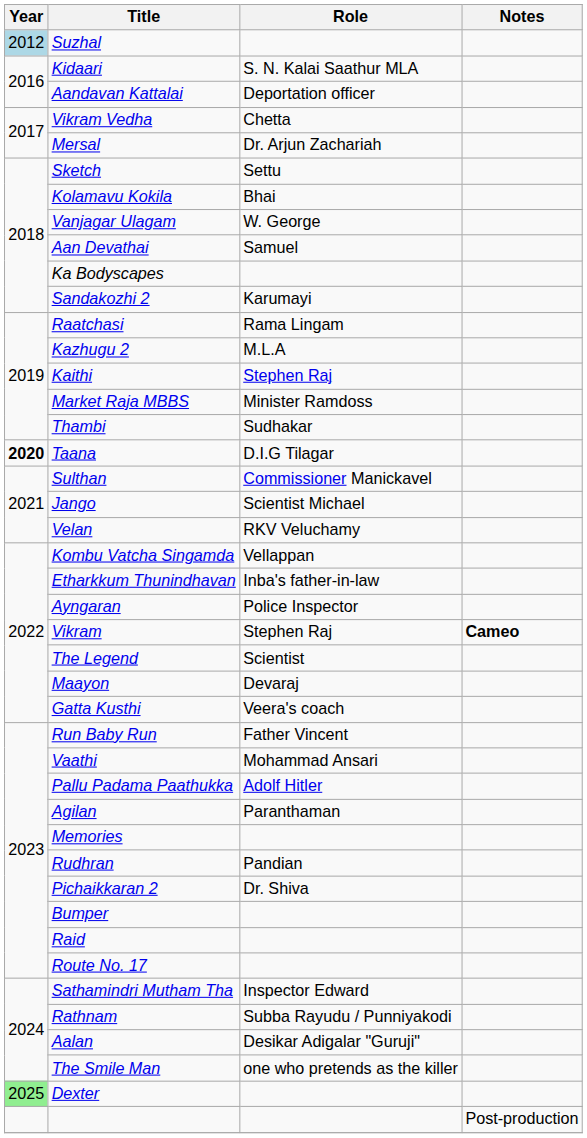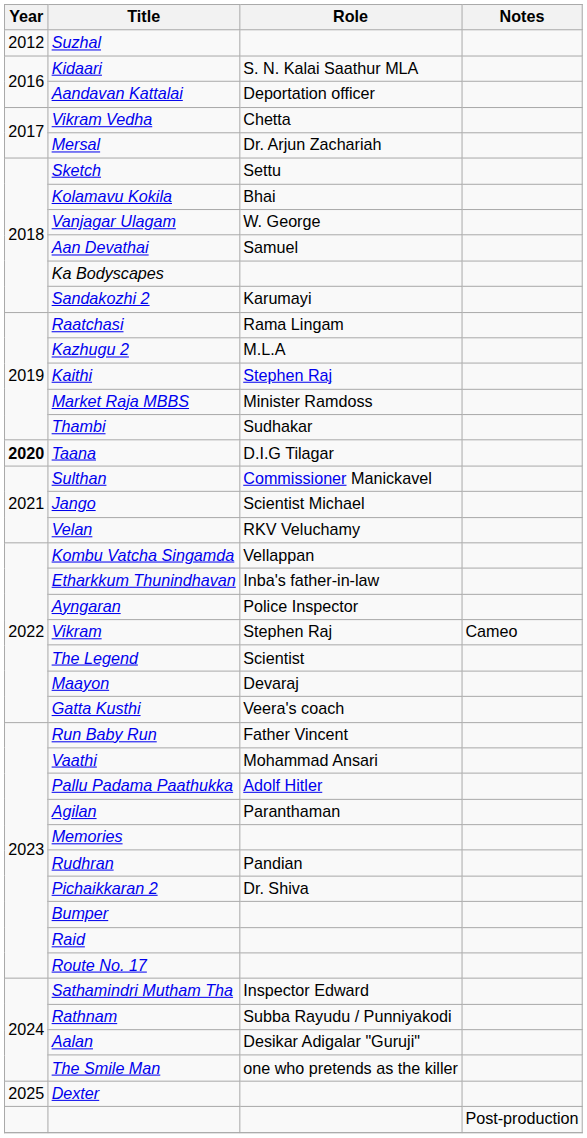 <table class="wikitable sortable">
 <tr>
 <th scope="col">Year</th>
 <th scope="col">Title</th>
 <th scope="col">Role</th>
 <th scope="col" class="unsortable">Notes</th>
 </tr>
 <tr>
-<td style="background: lightblue;">2012</td>
+<td>2012</td>
 <td><em><a href='#'>Suzhal</a></em></td>
 <td></td>
 <td></td>
 </tr>
 <tr>
 <td rowspan=2>2016</td>
 <td><em><a href='#'>Kidaari</a></em></td>
 <td>S. N. Kalai Saathur MLA</td>
 <td></td>
 </tr>
 <tr>
 <td><em><a href='#'>Aandavan Kattalai</a></em></td>
 <td>Deportation officer</td>
 <td></td>
 </tr>
 <tr>
 <td rowspan=2>2017</td>
 <td><em><a href='#'>Vikram Vedha</a></em></td>
 <td>Chetta</td>
 <td></td>
 </tr>
 <tr>
 <td><em> <a href='#'>Mersal</a></em></td>
 <td>Dr. Arjun Zachariah</td>
 <td></td>
 </tr>
 <tr>
 <td rowspan=6>2018</td>
 <td><em><a href='#'>Sketch</a></em></td>
 <td>Settu</td>
 <td></td>
 </tr>
 <tr>
 <td><em><a href='#'>Kolamavu Kokila</a></em></td>
 <td>Bhai</td>
 <td></td>
 </tr>
 <tr>
 <td><em><a href='#'>Vanjagar Ulagam</a></em></td>
 <td>W. George</td>
 <td></td>
 </tr>
 <tr>
 <td><em><a href='#'>Aan Devathai</a></em></td>
 <td>Samuel</td>
 <td></td>
 </tr>
 <tr>
 <td><em>Ka Bodyscapes</em></td>
 <td></td>
 <td></td>
 </tr>
 <tr>
 <td><em><a href='#'>Sandakozhi 2</a></em></td>
 <td>Karumayi</td>
 <td></td>
 </tr>
 <tr>
 <td rowspan=5>2019</td>
 <td><em><a href='#'>Raatchasi</a></em></td>
 <td>Rama Lingam</td>
 <td></td>
 </tr>
 <tr>
 <td><em><a href='#'>Kazhugu 2</a></em></td>
 <td>M.L.A</td>
 <td></td>
 </tr>
 <tr>
 <td><em><a href='#'>Kaithi</a></em></td>
 <td><a href='#'>Stephen Raj</a></td>
 <td></td>
 </tr>
 <tr>
 <td><em><a href='#'>Market Raja MBBS</a></em></td>
 <td>Minister Ramdoss</td>
 <td></td>
 </tr>
 <tr>
 <td><em><a href='#'>Thambi</a></em></td>
 <td>Sudhakar</td>
 <td></td>
 </tr>
 <tr>
 <td rowspan=1><strong>2020</strong></td>
 <td><em><a href='#'>Taana</a></em></td>
 <td>D.I.G Tilagar</td>
 <td></td>
 </tr>
 <tr>
 <td rowspan=3>2021</td>
 <td><em><a href='#'>Sulthan</a></em></td>
 <td><a href='#'>Commissioner</a> Manickavel</td>
 <td></td>
 </tr>
 <tr>
 <td><em><a href='#'>Jango</a></em></td>
 <td>Scientist Michael</td>
 <td></td>
 </tr>
 <tr>
 <td><em><a href='#'>Velan</a></em></td>
 <td>RKV Veluchamy</td>
 <td></td>
 </tr>
 <tr>
 <td rowspan=7>2022</td>
 <td><em><a href='#'>Kombu Vatcha Singamda</a></em></td>
 <td>Vellappan</td>
 <td></td>
 </tr>
 <tr>
 <td><em><a href='#'>Etharkkum Thunindhavan</a></em></td>
 <td>Inba's father-in-law</td>
 <td></td>
 </tr>
 <tr>
 <td><em><a href='#'>Ayngaran</a></em></td>
 <td>Police Inspector</td>
 <td></td>
 </tr>
 <tr>
 <td><em><a href='#'>Vikram</a></em></td>
 <td>Stephen Raj</td>
-<td><strong>Cameo</strong></td>
+<td>Cameo</td>
 </tr>
 <tr>
 <td><em><a href='#'>The Legend</a></em></td>
 <td>Scientist</td>
 <td></td>
 </tr>
 <tr>
 <td><em><a href='#'>Maayon</a></em></td>
 <td>Devaraj</td>
 <td></td>
 </tr>
 <tr>
 <td><em><a href='#'>Gatta Kusthi</a></em></td>
 <td>Veera's coach</td>
 <td></td>
 </tr>
 <tr>
 <td rowspan=10>2023</td>
 <td><em><a href='#'>Run Baby Run</a></em></td>
 <td>Father Vincent</td>
 <td></td>
 </tr>
 <tr>
 <td><em><a href='#'>Vaathi</a></em></td>
 <td>Mohammad Ansari</td>
 <td></td>
 </tr>
 <tr>
 <td><em><a href='#'>Pallu Padama Paathukka</a></em></td>
 <td><a href='#'>Adolf Hitler</a></td>
 <td></td>
 </tr>
 <tr>
 <td><em><a href='#'>Agilan</a></em></td>
 <td>Paranthaman</td>
 <td></td>
 </tr>
 <tr>
 <td><em><a href='#'>Memories</a></em></td>
 <td></td>
 <td></td>
 </tr>
 <tr>
 <td><em><a href='#'>Rudhran</a></em></td>
 <td>Pandian</td>
 <td></td>
 </tr>
 <tr>
 <td><em><a href='#'>Pichaikkaran 2</a></em></td>
 <td>Dr. Shiva</td>
 <td></td>
 </tr>
 <tr>
 <td><em><a href='#'>Bumper</a></em></td>
 <td></td>
 <td></td>
 </tr>
 <tr>
 <td><em><a href='#'>Raid</a></em></td>
 <td></td>
 <td></td>
 </tr>
 <tr>
 <td><em><a href='#'>Route No. 17</a></em></td>
 <td></td>
 <td></td>
 </tr>
 <tr>
 <td rowspan=4>2024</td>
 <td><em><a href='#'>Sathamindri Mutham Tha</a></em></td>
 <td>Inspector Edward</td>
 <td></td>
 </tr>
 <tr>
 <td><em><a href='#'>Rathnam</a></em></td>
 <td>Subba Rayudu / Punniyakodi</td>
 <td></td>
 </tr>
 <tr>
 <td><em><a href='#'>Aalan</a></em></td>
 <td>Desikar Adigalar "Guruji"</td>
 <td></td>
 </tr>
 <tr>
 <td><em><a href='#'>The Smile Man</a></em></td>
 <td>one who pretends as the killer</td>
 <td></td>
 </tr>
 <tr>
-<td style="background: lightgreen;">2025</td>
+<td>2025</td>
 <td><em><a href='#'>Dexter</a></em></td>
 <td></td>
 <td></td>
 </tr>
 <tr>
 <td></td>
 <td></td>
 <td></td>
 <td>Post-production</td>
 </tr>
 <tr>
 </tr>
 </table>
